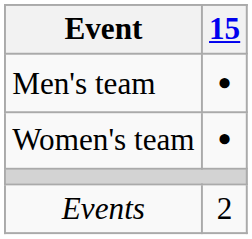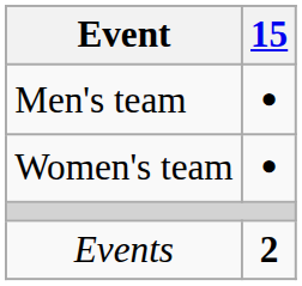 <table class="wikitable" style="text-align:center">
 <tr>
 <th>Event</th>
 <th><a href='#'>15</a></th>
 </tr>
 <tr>
 <td align=left>Men's team</td>
 <td><big><strong>•</strong></big></td>
 </tr>
 <tr>
 <td align=left>Women's team</td>
 <td><big><strong>•</strong></big></td>
 </tr>
 <tr bgcolor=lightgray>
 <td colspan=6></td>
 </tr>
 <tr>
 <td><em>Events</em></td>
-<td>2</td>
+<td><strong>2</strong></td>
 </tr>
 </table>
